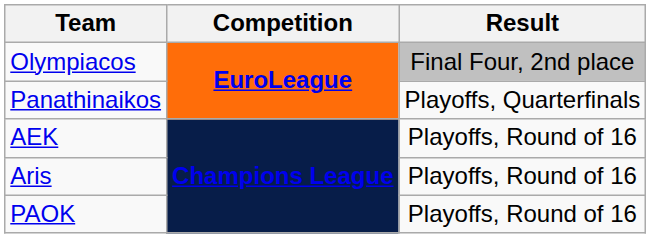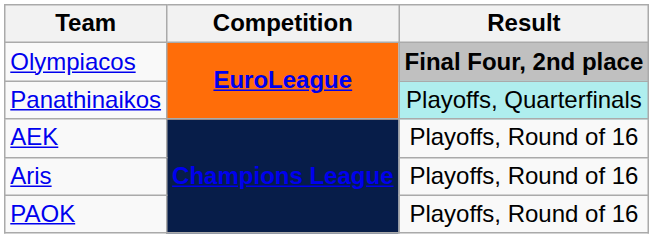 <table class="wikitable sortable">
 <tr>
 <th>Team</th>
 <th>Competition</th>
 <th>Result</th>
 </tr>
 <tr>
 <td><a href='#'>Olympiacos</a></td>
 <td rowspan="2" style="background:#ff6d09;color:#ffffff;text-align:center"><strong><a href='#'><span>EuroLeague</span></a></strong></td>
-<td style="background:#C0C0C0;text-align:center">Final Four, 2nd place</td>
+<td style="background:#C0C0C0;text-align:center"><strong>Final Four, 2nd place</strong></td>
 </tr>
 <tr>
 <td><a href='#'>Panathinaikos</a></td>
-<td style="text-align:center">Playoffs, Quarterfinals</td>
+<td style="background: paleturquoise; text-align:center">Playoffs, Quarterfinals</td>
 </tr>
 <tr>
 <td><a href='#'>AEK</a></td>
 <td rowspan="3" style="background-color:#071D49;color:#D0D3D4;text-align:center"><strong><a href='#'><span>Champions League</span></a></strong></td>
 <td style="text-align:center">Playoffs, Round of 16</td>
 </tr>
 <tr>
 <td><a href='#'>Aris</a></td>
 <td style="text-align:center">Playoffs, Round of 16</td>
 </tr>
 <tr>
 <td><a href='#'>PAOK</a></td>
 <td style="text-align:center">Playoffs, Round of 16</td>
 </tr>
 </table>
